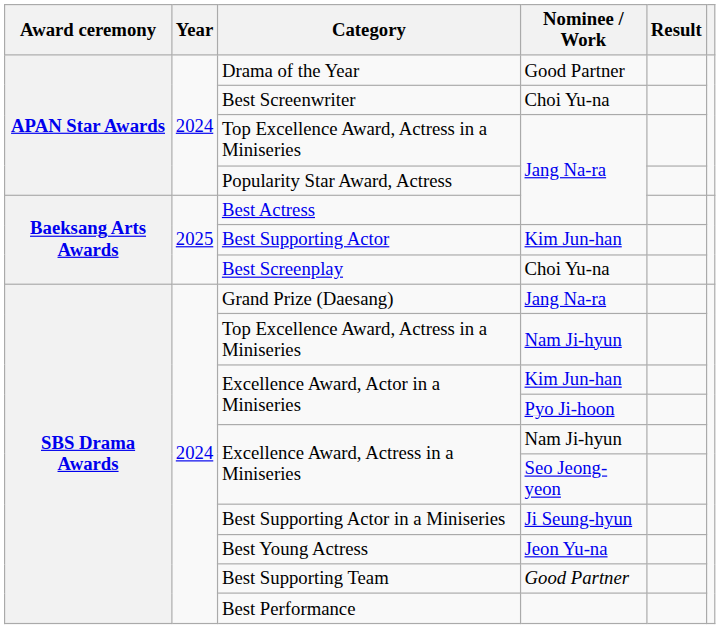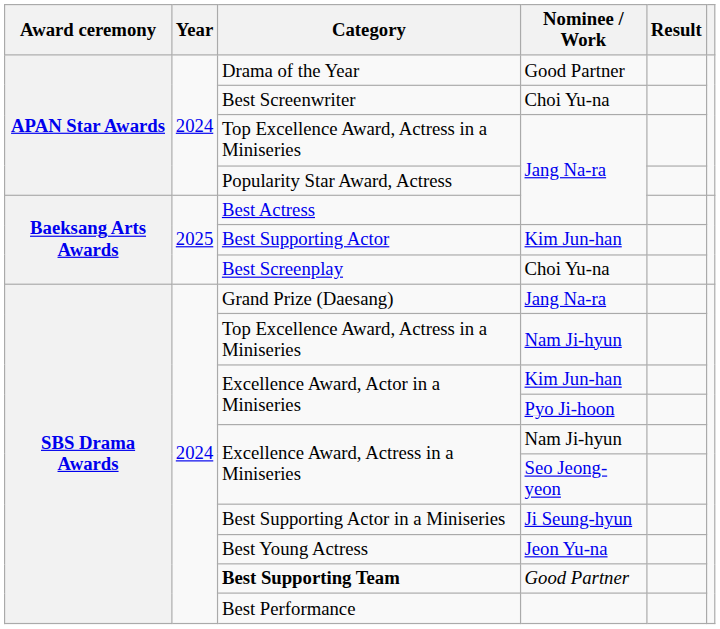 <table class="wikitable plainrowheaders sortable">
 <tr>
 <th scope="col">Award ceremony</th>
 <th scope="col">Year</th>
 <th scope="col">Category</th>
 <th scope="col">Nominee / Work</th>
 <th scope="col">Result</th>
 <th scope="col" class="unsortable"></th>
 </tr>
 <tr>
 <th scope="row" rowspan="4"><a href='#'>APAN Star Awards</a></th>
 <td style="text-align:center" rowspan="4"><a href='#'>2024</a></td>
 <td>Drama of the Year</td>
 <td>Good Partner</td>
 <td></td>
 <td rowspan="4" style="text-align:center"></td>
 </tr>
 <tr>
 <td>Best Screenwriter</td>
 <td>Choi Yu-na</td>
 <td></td>
 </tr>
 <tr>
 <td>Top Excellence Award, Actress in a Miniseries</td>
 <td rowspan=3><a href='#'>Jang Na-ra</a></td>
 <td></td>
 </tr>
 <tr>
 <td>Popularity Star Award, Actress</td>
 <td></td>
 </tr>
 <tr>
 <th scope="row" rowspan="3"><a href='#'>Baeksang Arts Awards</a></th>
 <td rowspan="3"><a href='#'>2025</a></td>
 <td><a href='#'>Best Actress</a></td>
 <td></td>
 <td rowspan="3"></td>
 </tr>
 <tr>
 <td><a href='#'>Best Supporting Actor</a></td>
 <td><a href='#'>Kim Jun-han</a></td>
 <td></td>
 </tr>
 <tr>
 <td><a href='#'>Best Screenplay</a></td>
 <td>Choi Yu-na</td>
 <td></td>
 </tr>
 <tr>
 <th scope="row" rowspan="10"><a href='#'>SBS Drama Awards</a></th>
 <td rowspan="10"><a href='#'>2024</a></td>
 <td>Grand Prize (Daesang)</td>
 <td><a href='#'>Jang Na-ra</a></td>
 <td></td>
 <td rowspan="10"></td>
 </tr>
 <tr>
 <td>Top Excellence Award, Actress in a Miniseries</td>
 <td><a href='#'>Nam Ji-hyun</a></td>
 <td></td>
 </tr>
 <tr>
 <td rowspan="2">Excellence Award, Actor in a Miniseries</td>
 <td><a href='#'>Kim Jun-han</a></td>
 <td></td>
 </tr>
 <tr>
 <td><a href='#'>Pyo Ji-hoon</a></td>
 <td></td>
 </tr>
 <tr>
 <td rowspan="2">Excellence Award, Actress in a Miniseries</td>
 <td>Nam Ji-hyun</td>
 <td></td>
 </tr>
 <tr>
 <td><a href='#'>Seo Jeong-yeon</a></td>
 <td></td>
 </tr>
 <tr>
 <td>Best Supporting Actor in a Miniseries</td>
 <td><a href='#'>Ji Seung-hyun</a></td>
 <td></td>
 </tr>
 <tr>
 <td>Best Young Actress</td>
 <td><a href='#'>Jeon Yu-na</a></td>
 <td></td>
 </tr>
 <tr>
-<td>Best Supporting Team</td>
+<td><strong>Best Supporting Team</strong></td>
 <td><em>Good Partner</em></td>
 <td></td>
 </tr>
 <tr>
 <td>Best Performance</td>
 <td></td>
 <td></td>
 </tr>
 </table>
